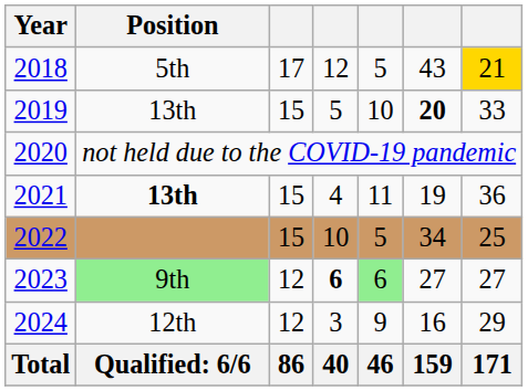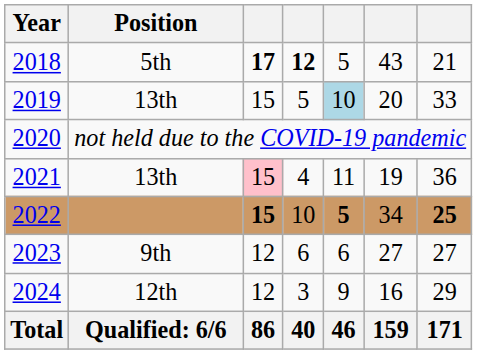 <table class="wikitable" style="text-align: center;">
 <tr>
 <th>Year</th>
 <th>Position</th>
 <th></th>
 <th></th>
 <th></th>
 <th></th>
 <th></th>
 </tr>
 <tr>
 <td> <a href='#'>2018</a></td>
 <td>5th</td>
-<td>17</td>
-<td>12</td>
+<td><strong>17</strong></td>
+<td><strong>12</strong></td>
 <td>5</td>
 <td>43</td>
-<td style="background: gold;">21</td>
+<td>21</td>
 </tr>
 <tr>
 <td> <a href='#'>2019</a></td>
 <td>13th</td>
 <td>15</td>
 <td>5</td>
-<td>10</td>
-<td><strong>20</strong></td>
+<td style="background: lightblue;">10</td>
+<td>20</td>
 <td>33</td>
 </tr>
 <tr>
 <td> <a href='#'>2020</a></td>
 <td colspan="6"><em>not held due to the <a href='#'>COVID-19 pandemic</a></em></td>
 </tr>
 <tr>
 <td> <a href='#'>2021</a></td>
-<td><strong>13th</strong></td>
-<td>15</td>
+<td>13th</td>
+<td style="background: pink;">15</td>
 <td>4</td>
 <td>11</td>
 <td>19</td>
 <td>36</td>
 </tr>
 <tr style="background:#c96;">
 <td> <a href='#'>2022</a></td>
 <td></td>
-<td>15</td>
+<td><strong>15</strong></td>
 <td>10</td>
-<td>5</td>
+<td><strong>5</strong></td>
 <td>34</td>
-<td>25</td>
+<td><strong>25</strong></td>
 </tr>
 <tr>
 <td> <a href='#'>2023</a></td>
-<td style="background: lightgreen;">9th</td>
+<td>9th</td>
 <td>12</td>
-<td><strong>6</strong></td>
-<td style="background: lightgreen;">6</td>
+<td>6</td>
+<td>6</td>
 <td>27</td>
 <td>27</td>
 </tr>
 <tr>
 <td> <a href='#'>2024</a></td>
 <td>12th</td>
 <td>12</td>
 <td>3</td>
 <td>9</td>
 <td>16</td>
 <td>29</td>
 </tr>
 <tr>
 <th>Total</th>
 <th>Qualified: 6/6</th>
 <th>86</th>
 <th>40</th>
 <th>46</th>
 <th>159</th>
 <th>171</th>
 </tr>
 </table>
